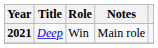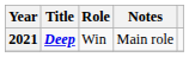 <table class="wikitable sortable plainrowheaders">
 <tr>
 <th scope="col">Year</th>
 <th scope="col">Title</th>
 <th scope="col">Role</th>
 <th scope="col" class="unsortable">Notes</th>
 <th scope="col" class="unsortable"></th>
 </tr>
 <tr>
 <th scope="row">2021</th>
-<td><em><a href='#'>Deep</a></em></td>
+<td><strong><em><a href='#'>Deep</a></em></strong></td>
 <td>Win</td>
 <td>Main role</td>
 <td></td>
 </tr>
 <tr>
 </tr>
 </table>
